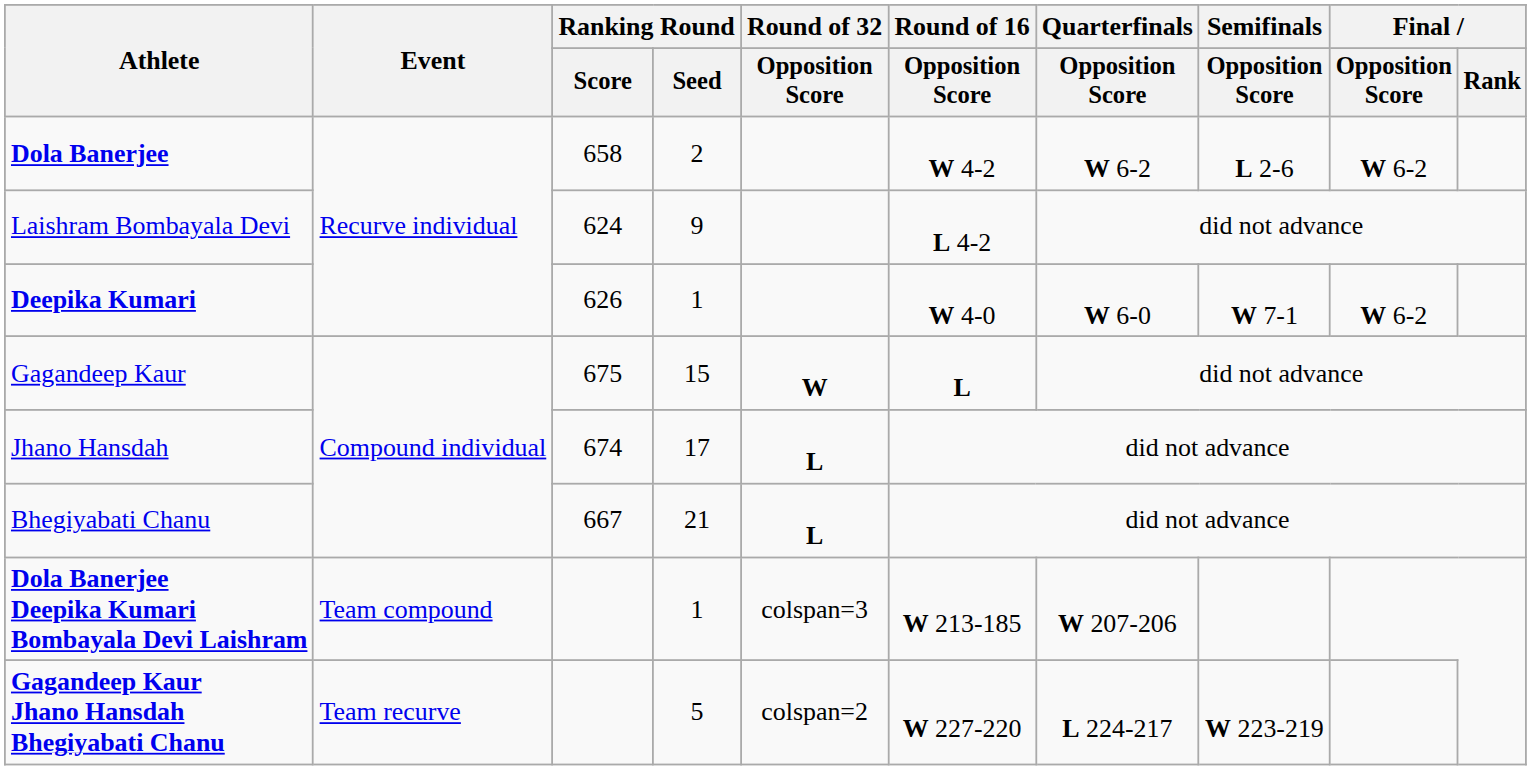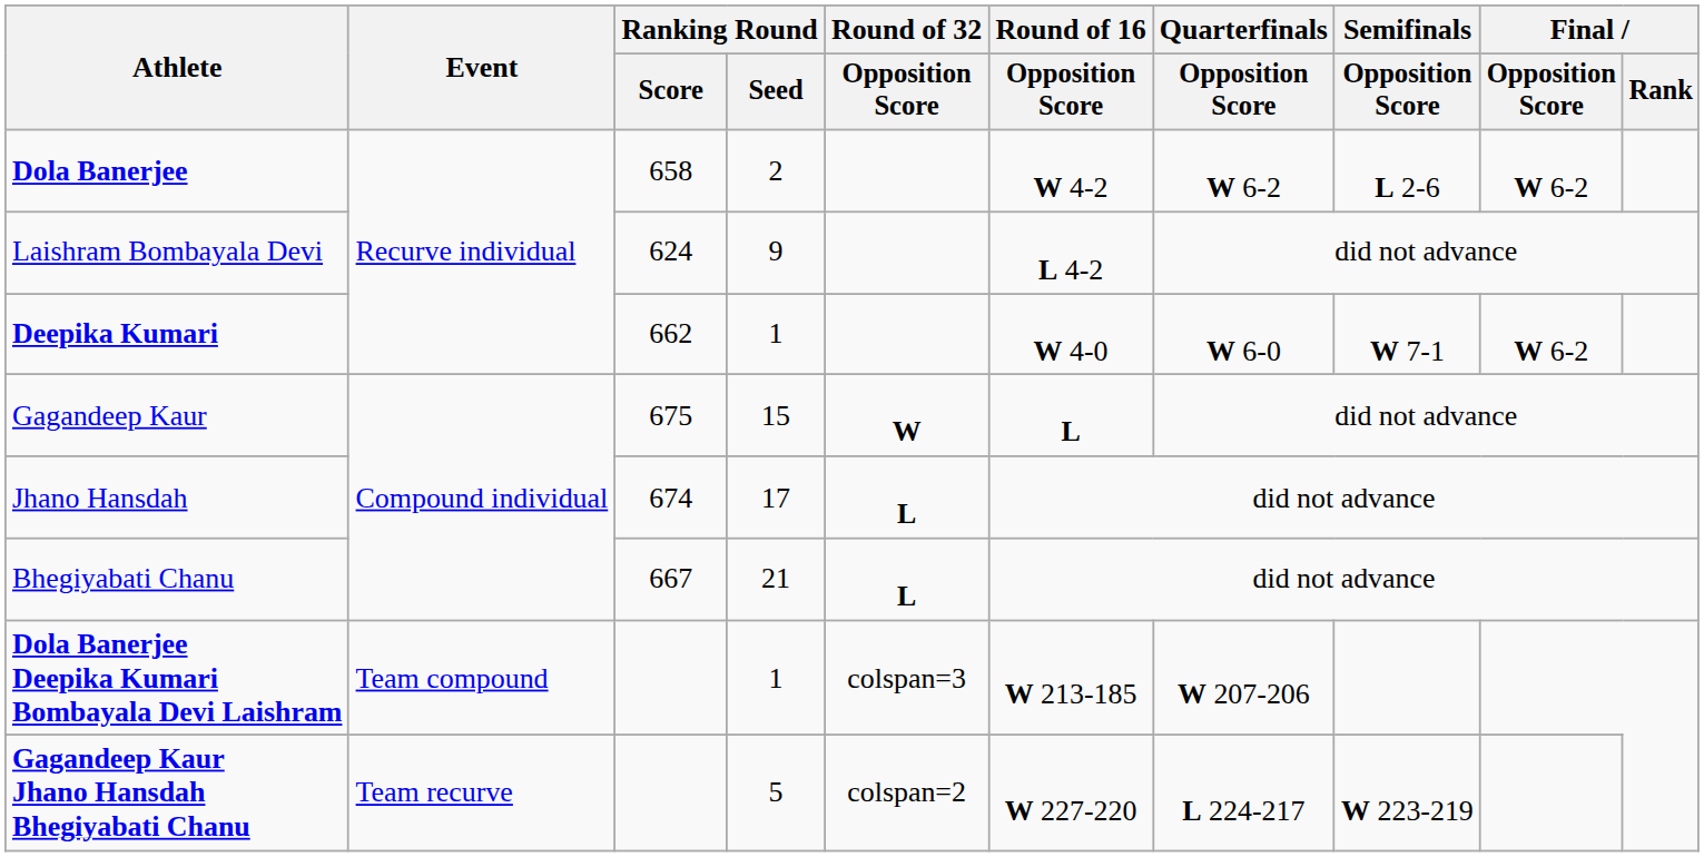 <table class="wikitable" style="font-size:90%">
 <tr>
 <th rowspan="2">Athlete</th>
 <th rowspan="2">Event</th>
 <th colspan="2">Ranking Round</th>
 <th>Round of 32</th>
 <th>Round of 16</th>
 <th>Quarterfinals</th>
 <th>Semifinals</th>
 <th colspan="2">Final / </th>
 </tr>
 <tr style="font-size:95%">
 <th>Score</th>
 <th>Seed</th>
 <th>Opposition<br>Score</th>
 <th>Opposition<br>Score</th>
 <th>Opposition<br>Score</th>
 <th>Opposition<br>Score</th>
 <th>Opposition<br>Score</th>
 <th>Rank</th>
 </tr>
 <tr align=center>
 <td align=left><strong><a href='#'>Dola Banerjee</a></strong></td>
 <td align=left rowspan=3><a href='#'>Recurve individual</a></td>
 <td>658</td>
 <td>2</td>
 <td></td>
 <td><br><strong>W</strong> 4-2</td>
 <td><br><strong>W</strong> 6-2</td>
 <td><br><strong>L</strong> 2-6</td>
 <td><br><strong>W</strong> 6-2</td>
 <td></td>
 </tr>
 <tr align=center>
 <td align=left><a href='#'>Laishram Bombayala Devi</a></td>
 <td>624</td>
 <td>9</td>
 <td></td>
 <td><br><strong>L</strong> 4-2</td>
 <td colspan=4>did not advance</td>
 </tr>
 <tr align=center>
 <td align=left><strong><a href='#'>Deepika Kumari</a></strong></td>
-<td>626</td>
+<td>662</td>
 <td>1</td>
 <td></td>
 <td><br><strong>W</strong> 4-0</td>
 <td><br><strong>W</strong> 6-0</td>
 <td><br><strong>W</strong> 7-1</td>
 <td><br><strong>W</strong> 6-2</td>
 <td></td>
 </tr>
 <tr align=center>
 <td align=left><a href='#'>Gagandeep Kaur</a></td>
 <td align=left rowspan=3><a href='#'>Compound individual</a></td>
 <td>675</td>
 <td>15</td>
 <td><br><strong>W</strong></td>
 <td><br><strong>L</strong></td>
 <td colspan="4">did not advance</td>
 </tr>
 <tr align=center>
 <td align=left><a href='#'>Jhano Hansdah</a></td>
 <td>674</td>
 <td>17</td>
 <td><br><strong>L</strong></td>
 <td colspan="5">did not advance</td>
 </tr>
 <tr align=center>
 <td align=left><a href='#'>Bhegiyabati Chanu</a></td>
 <td>667</td>
 <td>21</td>
 <td><br><strong>L</strong></td>
 <td colspan="5">did not advance</td>
 </tr>
 <tr align=center>
 <td align=left><strong><a href='#'>Dola Banerjee</a> <br> <a href='#'>Deepika Kumari</a> <br> <a href='#'>Bombayala Devi Laishram</a></strong></td>
 <td align=left><a href='#'>Team compound</a></td>
 <td></td>
 <td>1</td>
 <td>colspan=3 </td>
 <td><br><strong>W</strong> 213-185</td>
 <td><br><strong>W</strong> 207-206</td>
 <td></td>
 </tr>
 <tr align=center>
 <td align=left><strong><a href='#'>Gagandeep Kaur</a> <br> <a href='#'>Jhano Hansdah</a> <br> <a href='#'>Bhegiyabati Chanu</a></strong></td>
 <td align=left><a href='#'>Team recurve</a></td>
 <td></td>
 <td>5</td>
 <td>colspan=2 </td>
 <td><br><strong>W</strong> 227-220</td>
 <td><br><strong>L</strong> 224-217</td>
 <td><br><strong>W</strong> 223-219</td>
 <td></td>
 </tr>
 </table>
